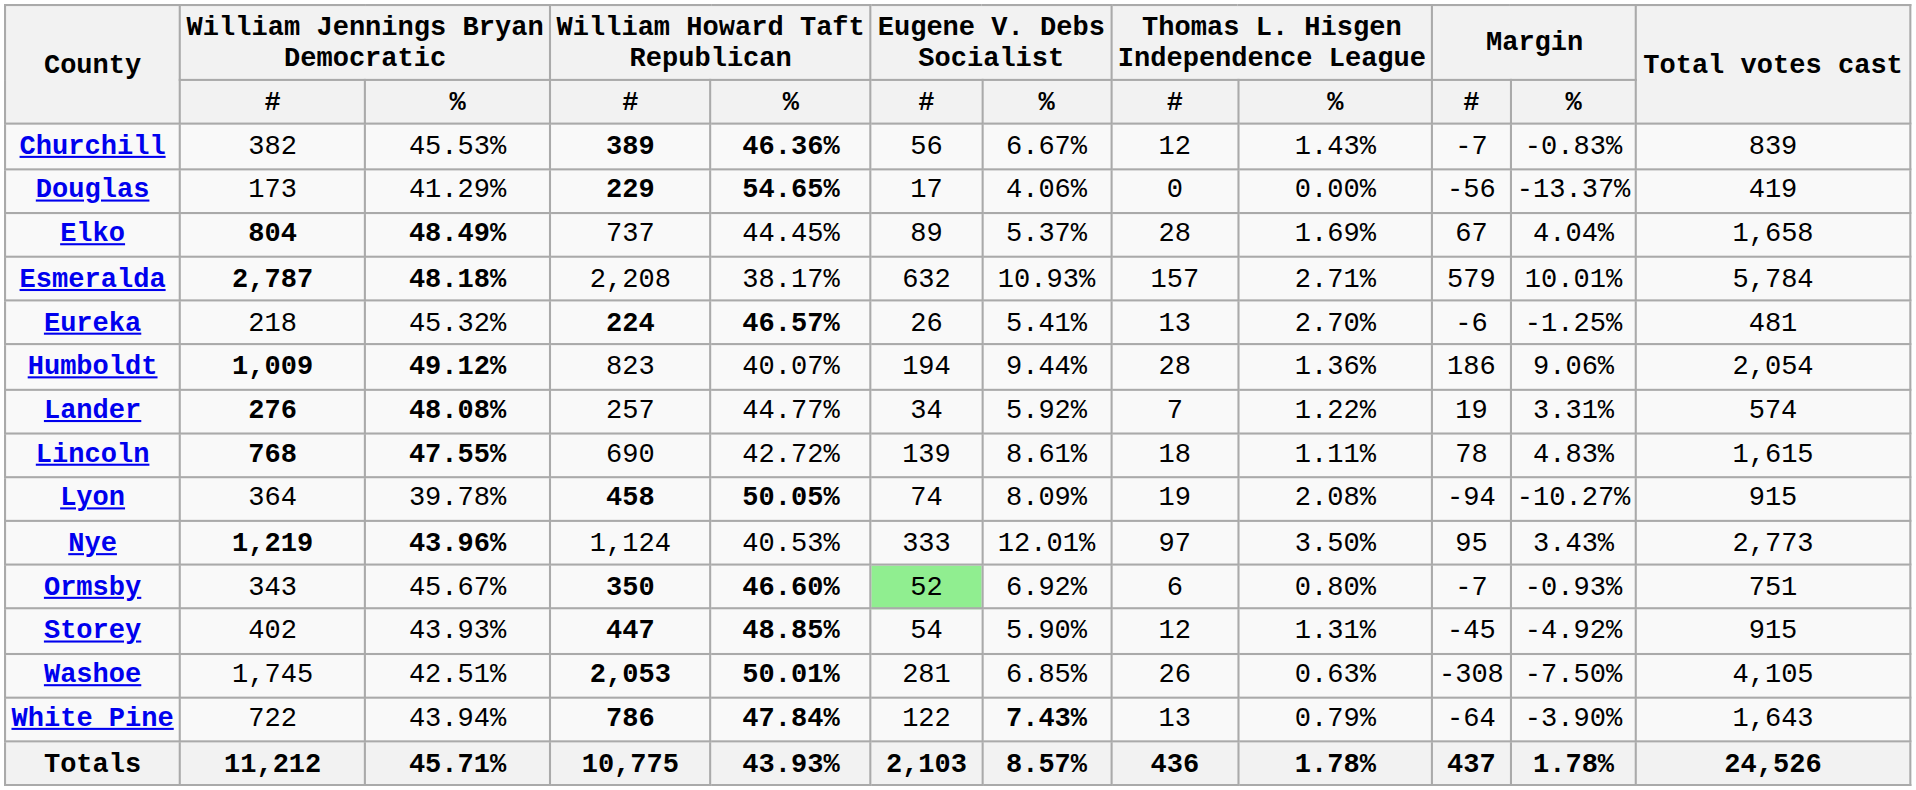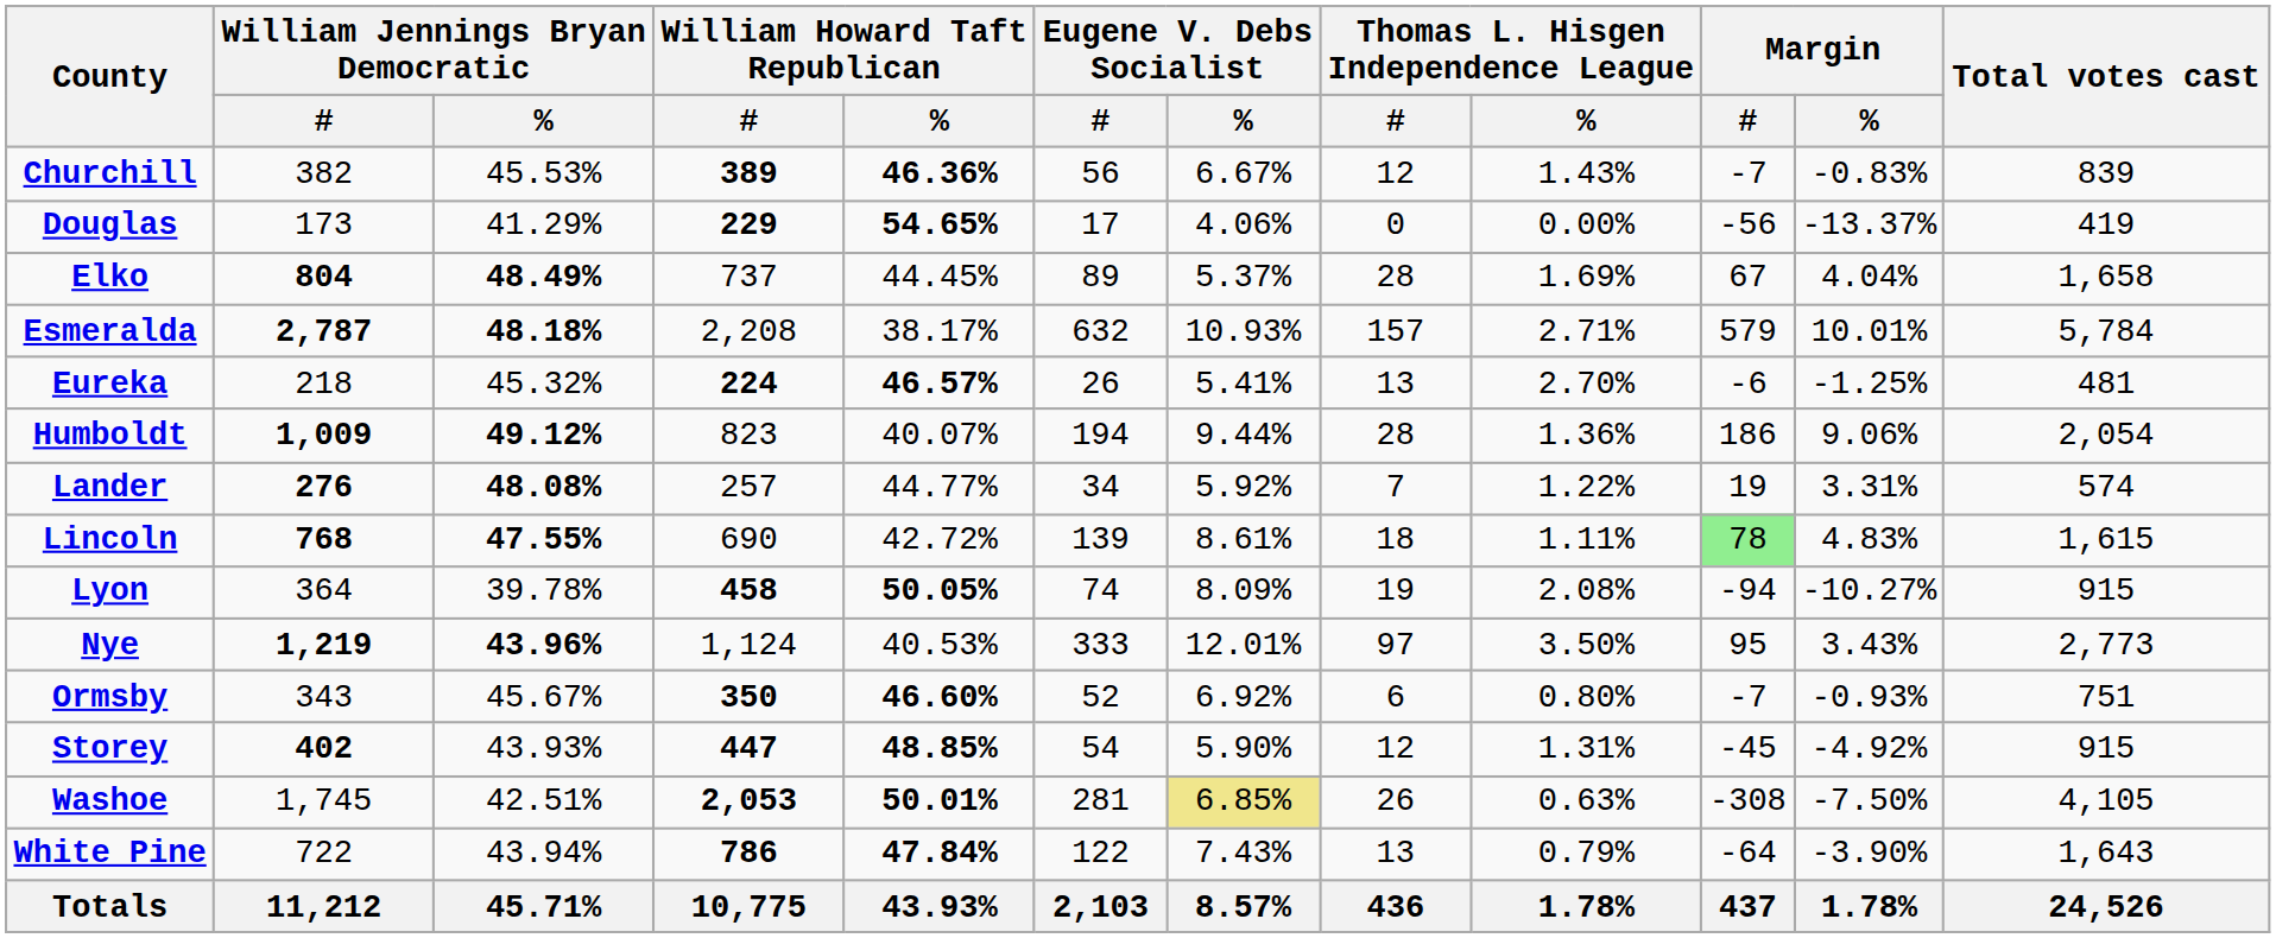 <table class="wikitable sortable" style="text-align:center">
 <tr>
 <th style="text-align:center;" rowspan="2">County</th>
 <th style="text-align:center;" colspan="2">William Jennings Bryan<br>Democratic</th>
 <th style="text-align:center;" colspan="2">William Howard Taft<br>Republican</th>
 <th style="text-align:center;" colspan="2">Eugene V. Debs<br>Socialist</th>
 <th style="text-align:center;" colspan="2">Thomas L. Hisgen<br>Independence League</th>
 <th style="text-align:center;" colspan="2">Margin</th>
 <th style="text-align:center;" rowspan="2">Total votes cast</th>
 </tr>
 <tr>
 <th style="text-align:center;" data-sort-type="number">#</th>
 <th style="text-align:center;" data-sort-type="number">%</th>
 <th style="text-align:center;" data-sort-type="number">#</th>
 <th style="text-align:center;" data-sort-type="number">%</th>
 <th style="text-align:center;" data-sort-type="number">#</th>
 <th style="text-align:center;" data-sort-type="number">%</th>
 <th style="text-align:center;" data-sort-type="number">#</th>
 <th style="text-align:center;" data-sort-type="number">%</th>
 <th style="text-align:center;" data-sort-type="number">#</th>
 <th style="text-align:center;" data-sort-type="number">%</th>
 </tr>
 <tr style="text-align:center;">
 <td><strong><a href='#'>Churchill</a></strong></td>
 <td>382</td>
 <td>45.53%</td>
 <td><strong>389</strong></td>
 <td><strong>46.36%</strong></td>
 <td>56</td>
 <td>6.67%</td>
 <td>12</td>
 <td>1.43%</td>
 <td>-7</td>
 <td>-0.83%</td>
 <td>839</td>
 </tr>
 <tr style="text-align:center;">
 <td><strong><a href='#'>Douglas</a></strong></td>
 <td>173</td>
 <td>41.29%</td>
 <td><strong>229</strong></td>
 <td><strong>54.65%</strong></td>
 <td>17</td>
 <td>4.06%</td>
 <td>0</td>
 <td>0.00%</td>
 <td>-56</td>
 <td>-13.37%</td>
 <td>419</td>
 </tr>
 <tr style="text-align:center;">
 <td><strong><a href='#'>Elko</a></strong></td>
 <td><strong>804</strong></td>
 <td><strong>48.49%</strong></td>
 <td>737</td>
 <td>44.45%</td>
 <td>89</td>
 <td>5.37%</td>
 <td>28</td>
 <td>1.69%</td>
 <td>67</td>
 <td>4.04%</td>
 <td>1,658</td>
 </tr>
 <tr style="text-align:center;">
 <td><strong><a href='#'>Esmeralda</a></strong></td>
 <td><strong>2,787</strong></td>
 <td><strong>48.18%</strong></td>
 <td>2,208</td>
 <td>38.17%</td>
 <td>632</td>
 <td>10.93%</td>
 <td>157</td>
 <td>2.71%</td>
 <td>579</td>
 <td>10.01%</td>
 <td>5,784</td>
 </tr>
 <tr style="text-align:center;">
 <td><strong><a href='#'>Eureka</a></strong></td>
 <td>218</td>
 <td>45.32%</td>
 <td><strong>224</strong></td>
 <td><strong>46.57%</strong></td>
 <td>26</td>
 <td>5.41%</td>
 <td>13</td>
 <td>2.70%</td>
 <td>-6</td>
 <td>-1.25%</td>
 <td>481</td>
 </tr>
 <tr style="text-align:center;">
 <td><strong><a href='#'>Humboldt</a></strong></td>
 <td><strong>1,009</strong></td>
 <td><strong>49.12%</strong></td>
 <td>823</td>
 <td>40.07%</td>
 <td>194</td>
 <td>9.44%</td>
 <td>28</td>
 <td>1.36%</td>
 <td>186</td>
 <td>9.06%</td>
 <td>2,054</td>
 </tr>
 <tr style="text-align:center;">
 <td><strong><a href='#'>Lander</a></strong></td>
 <td><strong>276</strong></td>
 <td><strong>48.08%</strong></td>
 <td>257</td>
 <td>44.77%</td>
 <td>34</td>
 <td>5.92%</td>
 <td>7</td>
 <td>1.22%</td>
 <td>19</td>
 <td>3.31%</td>
 <td>574</td>
 </tr>
 <tr style="text-align:center;">
 <td><strong><a href='#'>Lincoln</a></strong></td>
 <td><strong>768</strong></td>
 <td><strong>47.55%</strong></td>
 <td>690</td>
 <td>42.72%</td>
 <td>139</td>
 <td>8.61%</td>
 <td>18</td>
 <td>1.11%</td>
-<td>78</td>
+<td style="background: lightgreen;">78</td>
 <td>4.83%</td>
 <td>1,615</td>
 </tr>
 <tr style="text-align:center;">
 <td><strong><a href='#'>Lyon</a></strong></td>
 <td>364</td>
 <td>39.78%</td>
 <td><strong>458</strong></td>
 <td><strong>50.05%</strong></td>
 <td>74</td>
 <td>8.09%</td>
 <td>19</td>
 <td>2.08%</td>
 <td>-94</td>
 <td>-10.27%</td>
 <td>915</td>
 </tr>
 <tr style="text-align:center;">
 <td><strong><a href='#'>Nye</a></strong></td>
 <td><strong>1,219</strong></td>
 <td><strong>43.96%</strong></td>
 <td>1,124</td>
 <td>40.53%</td>
 <td>333</td>
 <td>12.01%</td>
 <td>97</td>
 <td>3.50%</td>
 <td>95</td>
 <td>3.43%</td>
 <td>2,773</td>
 </tr>
 <tr style="text-align:center;">
 <td><strong><a href='#'>Ormsby</a></strong></td>
 <td>343</td>
 <td>45.67%</td>
 <td><strong>350</strong></td>
 <td><strong>46.60%</strong></td>
-<td style="background: lightgreen;">52</td>
+<td>52</td>
 <td>6.92%</td>
 <td>6</td>
 <td>0.80%</td>
 <td>-7</td>
 <td>-0.93%</td>
 <td>751</td>
 </tr>
 <tr style="text-align:center;">
 <td><strong><a href='#'>Storey</a></strong></td>
-<td>402</td>
+<td><strong>402</strong></td>
 <td>43.93%</td>
 <td><strong>447</strong></td>
 <td><strong>48.85%</strong></td>
 <td>54</td>
 <td>5.90%</td>
 <td>12</td>
 <td>1.31%</td>
 <td>-45</td>
 <td>-4.92%</td>
 <td>915</td>
 </tr>
 <tr style="text-align:center;">
 <td><strong><a href='#'>Washoe</a></strong></td>
 <td>1,745</td>
 <td>42.51%</td>
 <td><strong>2,053</strong></td>
 <td><strong>50.01%</strong></td>
 <td>281</td>
-<td>6.85%</td>
+<td style="background: khaki;">6.85%</td>
 <td>26</td>
 <td>0.63%</td>
 <td>-308</td>
 <td>-7.50%</td>
 <td>4,105</td>
 </tr>
 <tr style="text-align:center;">
 <td><strong><a href='#'>White Pine</a></strong></td>
 <td>722</td>
 <td>43.94%</td>
 <td><strong>786</strong></td>
 <td><strong>47.84%</strong></td>
 <td>122</td>
-<td><strong>7.43%</strong></td>
+<td>7.43%</td>
 <td>13</td>
 <td>0.79%</td>
 <td>-64</td>
 <td>-3.90%</td>
 <td>1,643</td>
 </tr>
 <tr style="text-align:center;">
 <th>Totals</th>
 <th>11,212</th>
 <th>45.71%</th>
 <th>10,775</th>
 <th>43.93%</th>
 <th>2,103</th>
 <th>8.57%</th>
 <th>436</th>
 <th>1.78%</th>
 <th>437</th>
 <th>1.78%</th>
 <th>24,526</th>
 </tr>
 </table>
